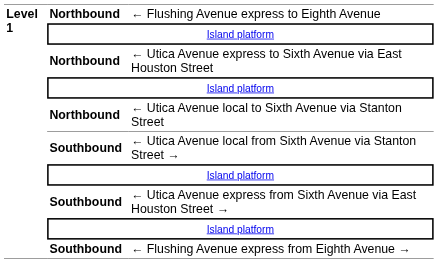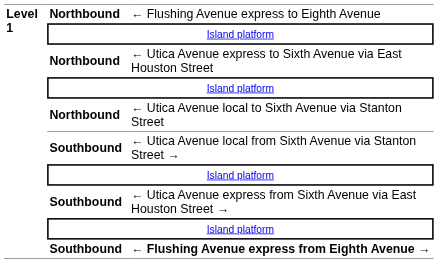 <table cellspacing=0 cellpadding=3>
 <tr>
 <td style="border-bottom:solid 1px gray;border-top:solid 1px gray;" rowspan=10 width=50 valign=top><strong>Level 1</strong></td>
 <td style="border-bottom:solid 0px gray;border-top:solid 1px gray;" width=100><span><strong>Northbound</strong></span></td>
 <td style="border-bottom:solid 0px gray;border-top:solid 1px gray;" width=390>← Flushing Avenue express to Eighth Avenue</td>
 </tr>
 <tr>
 <td style="border-top:solid 2px black;border-right:solid 2px black;border-left:solid 2px black;border-bottom:solid 2px black;text-align:center;" colspan=2><small><a href='#'>Island platform</a></small></td>
 </tr>
 <tr>
 <td><span><strong>Northbound</strong></span></td>
 <td>← Utica Avenue express to Sixth Avenue via East Houston Street</td>
 </tr>
 <tr>
 <td style="border-top:solid 2px black;border-right:solid 2px black;border-left:solid 2px black;border-bottom:solid 2px black;text-align:center;" colspan=2><small><a href='#'>Island platform</a></small></td>
 </tr>
 <tr>
 <td style="border-bottom:solid 1px gray;"><span><strong>Northbound</strong></span></td>
 <td style="border-bottom:solid 1px gray;">← Utica Avenue local to Sixth Avenue via Stanton Street</td>
 </tr>
 <tr>
 <td><span><strong>Southbound</strong></span></td>
 <td><span>←</span> Utica Avenue local from Sixth Avenue via Stanton Street →</td>
 </tr>
 <tr>
 <td style="border-top:solid 2px black;border-right:solid 2px black;border-left:solid 2px black;border-bottom:solid 2px black;text-align:center;" colspan=2><small><a href='#'>Island platform</a></small></td>
 </tr>
 <tr>
 <td><span><strong>Southbound</strong></span></td>
 <td><span>←</span> Utica Avenue express from Sixth Avenue via East Houston Street →</td>
 </tr>
 <tr>
 <td style="border-top:solid 2px black;border-right:solid 2px black;border-left:solid 2px black;border-bottom:solid 2px black;text-align:center;" colspan=2><small><a href='#'>Island platform</a></small></td>
 </tr>
 <tr>
 <td style="border-bottom:solid 1px gray;"><span><strong>Southbound</strong></span></td>
-<td style="border-bottom:solid 1px gray;"><span>←</span> Flushing Avenue express from Eighth Avenue →</td>
+<td style="border-bottom:solid 1px gray;"><strong><span>←</span> Flushing Avenue express from Eighth Avenue →</strong></td>
 </tr>
 </table>
